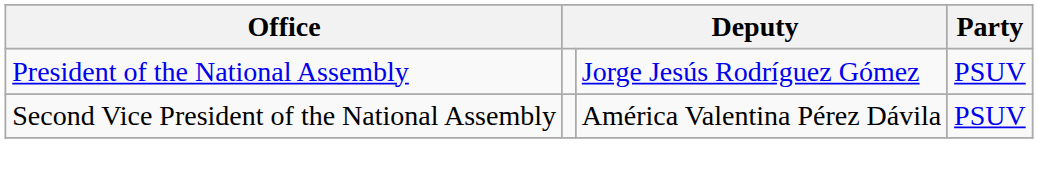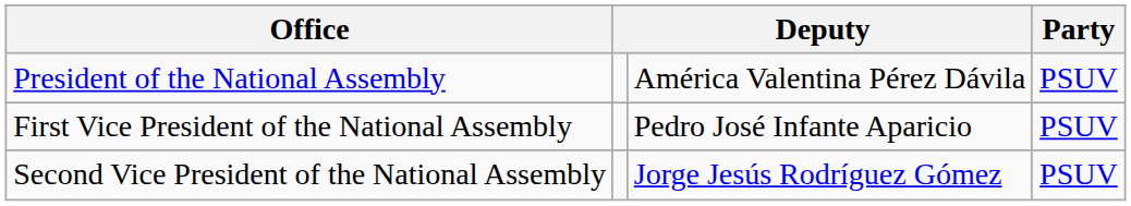 <table class="wikitable" style="margin:1em auto;">
 <tr>
 <th>Office</th>
 <th colspan="2">Deputy</th>
 <th>Party</th>
 </tr>
 <tr>
 <td><a href='#'>President of the National Assembly</a></td>
 <td style="background:"></td>
-<td><a href='#'>Jorge Jesús Rodríguez Gómez</a></td>
+<td>América Valentina Pérez Dávila</td>
+<td><a href='#'>PSUV</a></td>
+</tr>
+<tr>
+<td>First Vice President of the National Assembly</td>
+<td style="background:"></td>
+<td>Pedro José Infante Aparicio</td>
 <td><a href='#'>PSUV</a></td>
 </tr>
 <tr>
 <td>Second Vice President of the National Assembly</td>
 <td style="background:"></td>
-<td>América Valentina Pérez Dávila</td>
+<td><a href='#'>Jorge Jesús Rodríguez Gómez</a></td>
 <td><a href='#'>PSUV</a></td>
 </tr>
 </table>
